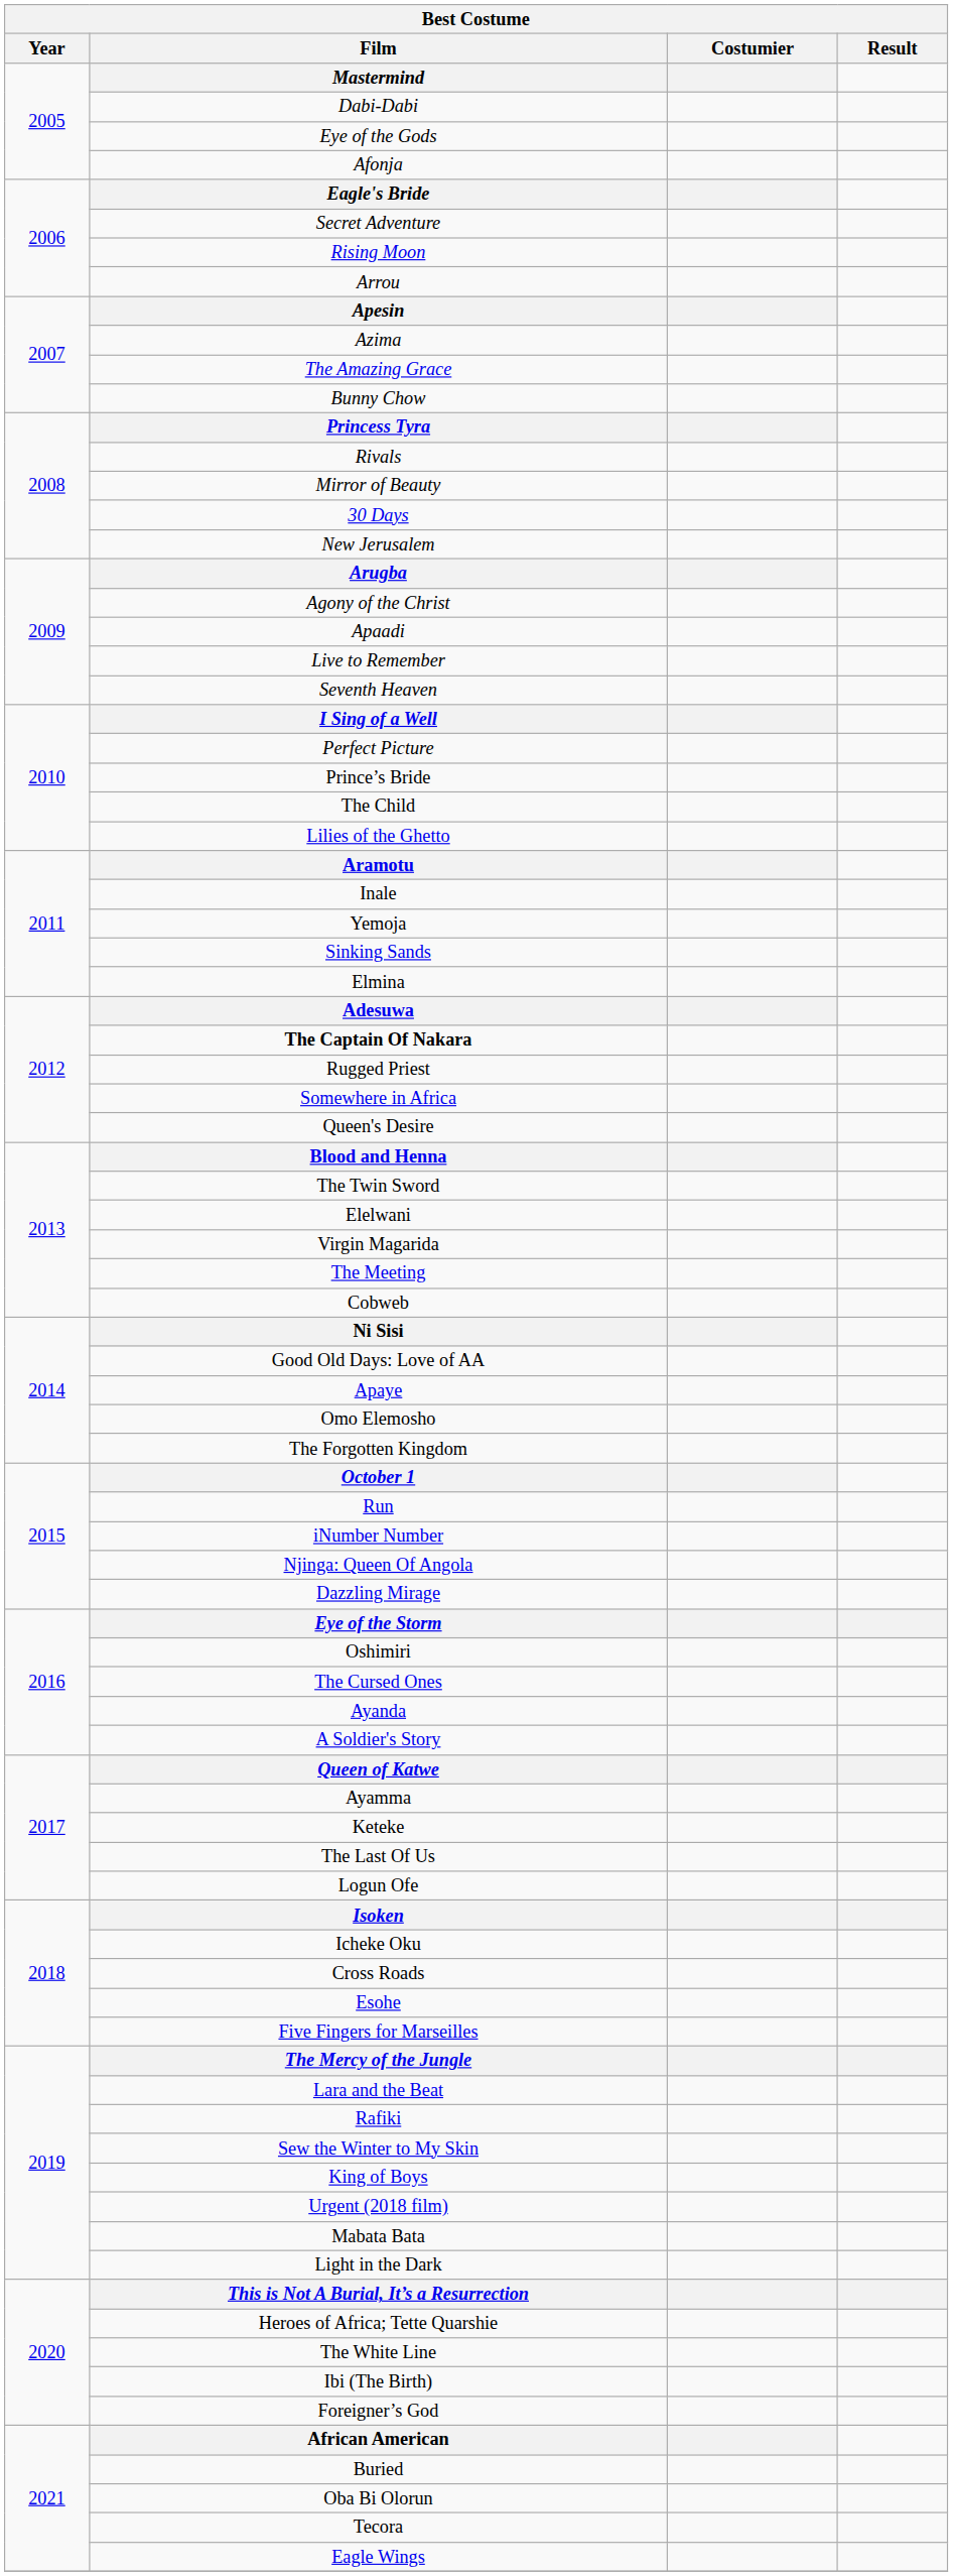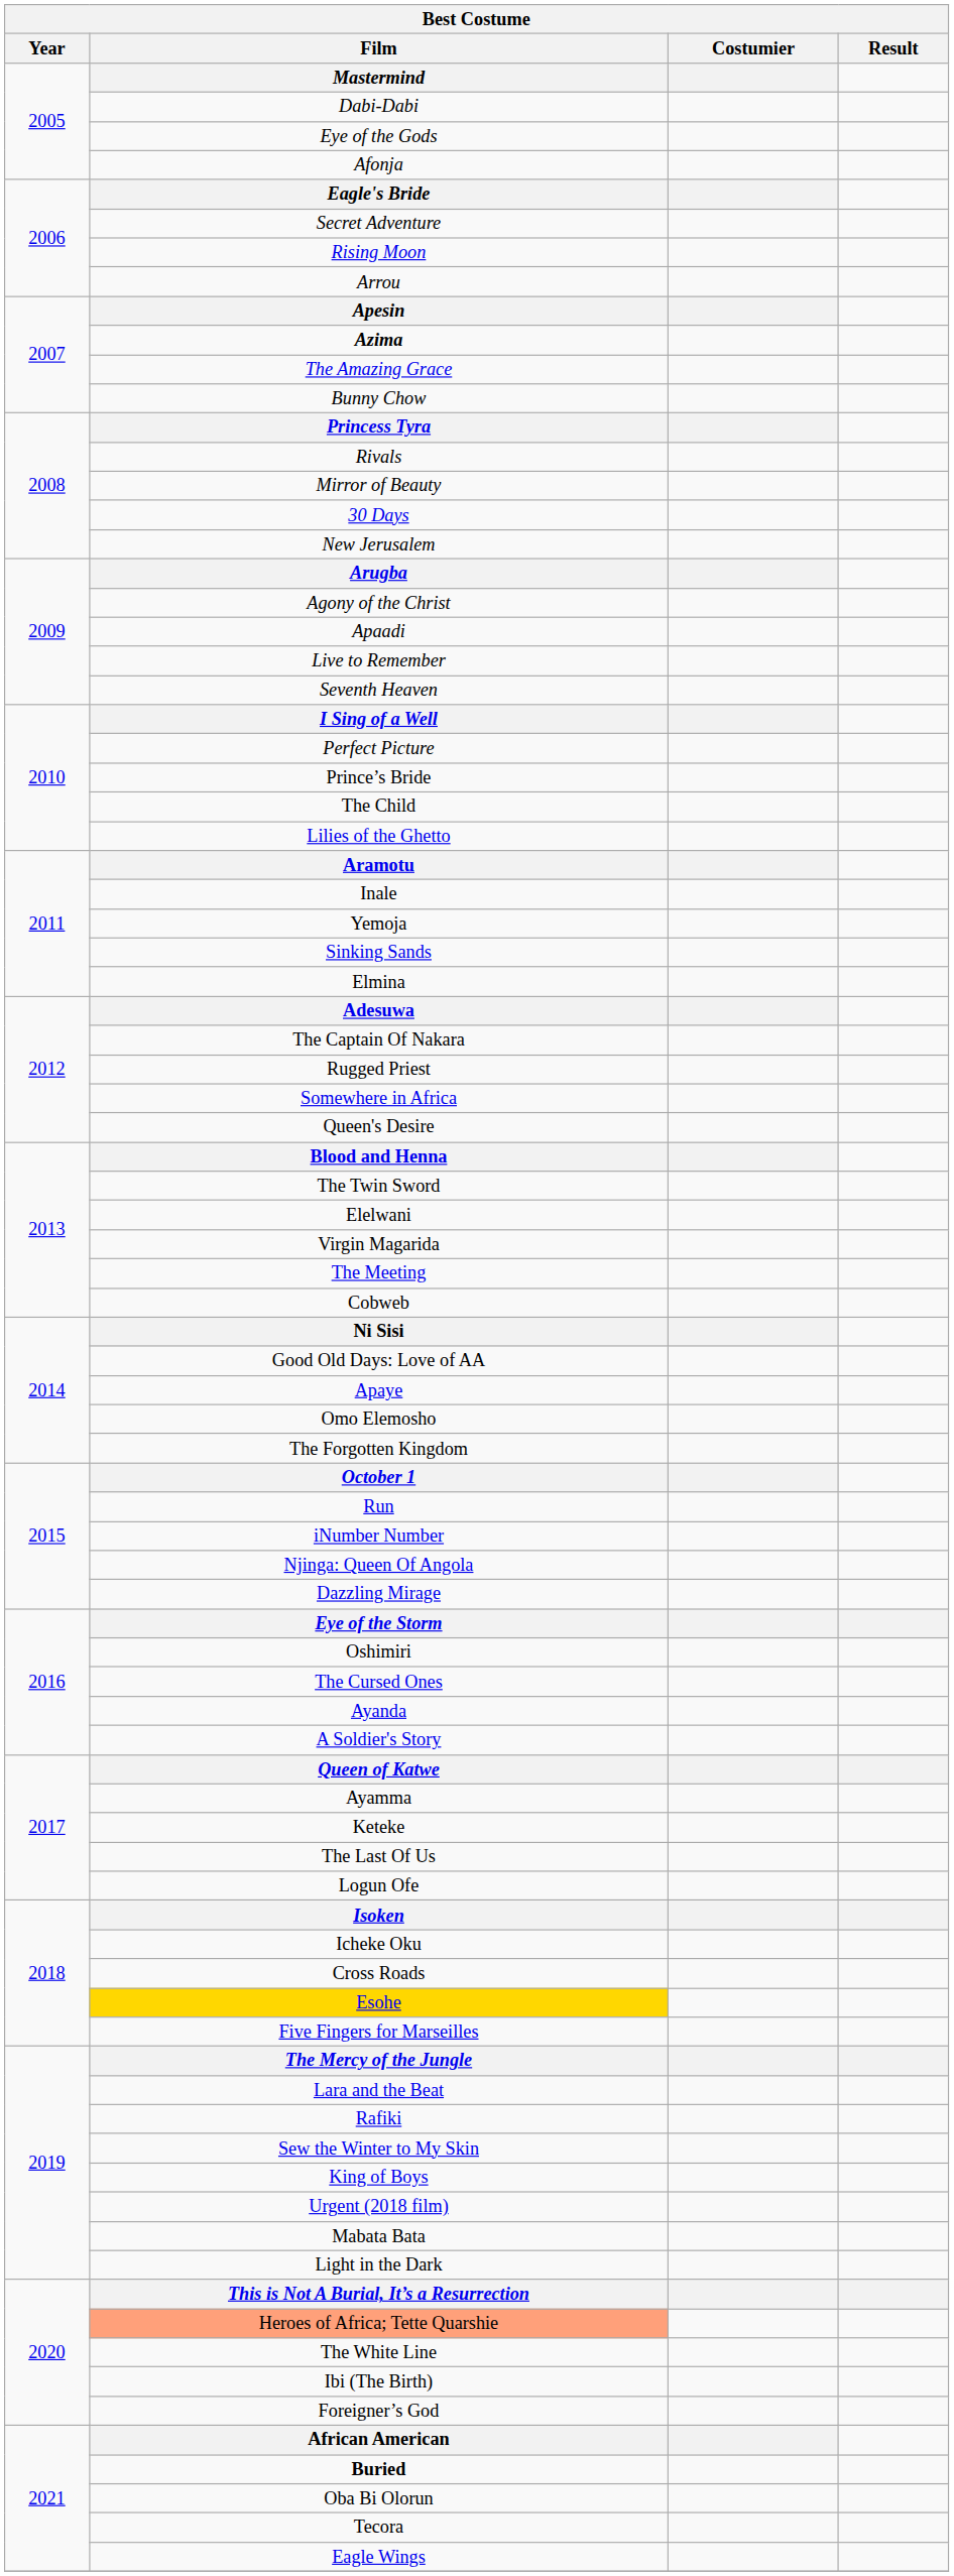 <table class=wikitable style="text-align:center" width="65%">
 <tr>
 <th colspan="4">Best Costume</th>
 </tr>
 <tr>
 <th>Year</th>
 <th>Film</th>
 <th>Costumier</th>
 <th>Result</th>
 </tr>
 <tr>
 <td rowspan="4"><a href='#'>2005</a></td>
 <th><em>Mastermind</em></th>
 <th></th>
 <td></td>
 </tr>
 <tr>
 <td><em>Dabi-Dabi</em></td>
 <td></td>
 <td></td>
 </tr>
 <tr>
 <td><em>Eye of the Gods</em></td>
 <td></td>
 <td></td>
 </tr>
 <tr>
 <td><em>Afonja</em></td>
 <td></td>
 <td></td>
 </tr>
 <tr>
 <td rowspan="4"><a href='#'>2006</a></td>
 <th><em>Eagle's Bride</em></th>
 <th></th>
 <td></td>
 </tr>
 <tr>
 <td><em>Secret Adventure</em></td>
 <td></td>
 <td></td>
 </tr>
 <tr>
 <td><em><a href='#'>Rising Moon</a></em></td>
 <td></td>
 <td></td>
 </tr>
 <tr>
 <td><em>Arrou</em></td>
 <td></td>
 <td></td>
 </tr>
 <tr>
 <td rowspan="4"><a href='#'>2007</a></td>
 <th><em>Apesin</em></th>
 <th></th>
 <td></td>
 </tr>
 <tr>
-<td><em>Azima</em></td>
+<td><strong><em>Azima</em></strong></td>
 <td></td>
 <td></td>
 </tr>
 <tr>
 <td><em><a href='#'>The Amazing Grace</a></em></td>
 <td></td>
 <td></td>
 </tr>
 <tr>
 <td><em>Bunny Chow</em></td>
 <td></td>
 <td></td>
 </tr>
 <tr>
 <td rowspan="5"><a href='#'>2008</a></td>
 <th><em><a href='#'>Princess Tyra</a></em></th>
 <th></th>
 <td></td>
 </tr>
 <tr>
 <td><em>Rivals</em></td>
 <td></td>
 <td></td>
 </tr>
 <tr>
 <td><em>Mirror of Beauty</em></td>
 <td></td>
 <td></td>
 </tr>
 <tr>
 <td><em><a href='#'>30 Days</a></em></td>
 <td></td>
 <td></td>
 </tr>
 <tr>
 <td><em>New Jerusalem</em></td>
 <td></td>
 <td></td>
 </tr>
 <tr>
 <td rowspan="5"><a href='#'>2009</a></td>
 <th><em><a href='#'>Arugba</a></em></th>
 <th></th>
 <td></td>
 </tr>
 <tr>
 <td><em>Agony of the Christ</em></td>
 <td></td>
 <td></td>
 </tr>
 <tr>
 <td><em>Apaadi</em></td>
 <td></td>
 <td></td>
 </tr>
 <tr>
 <td><em>Live to Remember</em></td>
 <td></td>
 <td></td>
 </tr>
 <tr>
 <td><em>Seventh Heaven</em></td>
 <td></td>
 <td></td>
 </tr>
 <tr>
 <td rowspan="5"><a href='#'>2010</a></td>
 <th><em><a href='#'>I Sing of a Well</a></em></th>
 <th></th>
 <td></td>
 </tr>
 <tr>
 <td><em>Perfect Picture<strong></td>
 <td></td>
 <td></td>
 </tr>
 <tr>
 <td></em>Prince’s Bride<em></td>
 <td></td>
 <td></td>
 </tr>
 <tr>
 <td></em>The Child<em></td>
 <td></td>
 <td></td>
 </tr>
 <tr>
 <td></em><a href='#'>Lilies of the Ghetto</a><em></td>
 <td></td>
 <td></td>
 </tr>
 <tr>
 <td rowspan="5"><a href='#'>2011</a></td>
 <th></em><a href='#'>Aramotu</a><em></th>
 <th></th>
 <td></td>
 </tr>
 <tr>
 <td></em>Inale<em></td>
 <td></td>
 <td></td>
 </tr>
 <tr>
 <td></em>Yemoja<em></td>
 <td></td>
 <td></td>
 </tr>
 <tr>
 <td></em><a href='#'>Sinking Sands</a><em></td>
 <td></td>
 <td></td>
 </tr>
 <tr>
 <td></em>Elmina<em></td>
 <td></td>
 <td></td>
 </tr>
 <tr>
 <td rowspan="5"><a href='#'>2012</a></td>
 <th></em><a href='#'>Adesuwa</a><em></th>
 <th></th>
 <td></td>
 </tr>
 <tr>
-<td><strong></em>The Captain Of Nakara<em></strong></td>
+<td></em>The Captain Of Nakara<em></td>
 <td></td>
 <td></td>
 </tr>
 <tr>
 <td></em>Rugged Priest<em></td>
 <td></td>
 <td></td>
 </tr>
 <tr>
 <td></em><a href='#'>Somewhere in Africa</a><em></td>
 <td></td>
 <td></td>
 </tr>
 <tr>
 <td></em>Queen's Desire<em></td>
 <td></td>
 <td></td>
 </tr>
 <tr>
 <td rowspan="6"><a href='#'>2013</a></td>
 <th></em><a href='#'>Blood and Henna</a><em></th>
 <th></th>
 <td></td>
 </tr>
 <tr>
 <td></em>The Twin Sword<em></td>
 <td></td>
 <td></td>
 </tr>
 <tr>
 <td></em>Elelwani<em></td>
 <td></td>
 <td></td>
 </tr>
 <tr>
 <td></em>Virgin Magarida<em></td>
 <td></td>
 <td></td>
 </tr>
 <tr>
 <td></em><a href='#'>The Meeting</a><em></td>
 <td></td>
 <td></td>
 </tr>
 <tr>
 <td></em>Cobweb<em></td>
 <td></td>
 <td></td>
 </tr>
 <tr>
 <td rowspan="5"><a href='#'>2014</a></td>
 <th></em>Ni Sisi<em></th>
 <th></th>
 <td></td>
 </tr>
 <tr>
 <td></em>Good Old Days: Love of AA<em></td>
 <td></td>
 <td></td>
 </tr>
 <tr>
 <td></em><a href='#'>Apaye</a><em></td>
 <td></td>
 <td></td>
 </tr>
 <tr>
 <td></em>Omo Elemosho<em></td>
 <td></td>
 <td></td>
 </tr>
 <tr>
 <td></em>The Forgotten Kingdom<em></td>
 <td></td>
 <td></td>
 </tr>
 <tr>
 <td rowspan="5"><a href='#'>2015</a></td>
 <th><strong><em><a href='#'>October 1</a></em></strong></th>
 <th></th>
 <td></td>
 </tr>
 <tr>
 <td></em><a href='#'>Run</a><em></td>
 <td></td>
 <td></td>
 </tr>
 <tr>
 <td></em><a href='#'>iNumber Number</a><em></td>
 <td></td>
 <td></td>
 </tr>
 <tr>
 <td></em><a href='#'>Njinga: Queen Of Angola</a><em></td>
 <td></td>
 <td></td>
 </tr>
 <tr>
 <td></em><a href='#'>Dazzling Mirage</a><em></td>
 <td></td>
 <td></td>
 </tr>
 <tr>
 <td rowspan="5"><a href='#'>2016</a></td>
 <th><strong><em><a href='#'>Eye of the Storm</a></em></strong></th>
 <th></th>
 <th></th>
 </tr>
 <tr>
 <td></em>Oshimiri<em></td>
 <td></td>
 <td></td>
 </tr>
 <tr>
 <td></em><a href='#'>The Cursed Ones</a><em></td>
 <td></td>
 <td></td>
 </tr>
 <tr>
 <td></em><a href='#'>Ayanda</a><em></td>
 <td></td>
 <td></td>
 </tr>
 <tr>
 <td></em><a href='#'>A Soldier's Story</a><em></td>
 <td></td>
 <td></td>
 </tr>
 <tr>
 <td rowspan="5"><a href='#'>2017</a></td>
 <th><strong><em><a href='#'>Queen of Katwe</a></em></strong></th>
 <th></th>
 <th></th>
 </tr>
 <tr>
 <td></em>Ayamma<em></td>
 <td></td>
 <td></td>
 </tr>
 <tr>
 <td></em>Keteke<em></td>
 <td></td>
 <td></td>
 </tr>
 <tr>
 <td></em>The Last Of Us<em></td>
 <td></td>
 <td></td>
 </tr>
 <tr>
 <td></em>Logun Ofe<em></td>
 <td></td>
 <td></td>
 </tr>
 <tr>
 <td rowspan="5"><a href='#'>2018</a></td>
 <th><strong><em><a href='#'>Isoken</a></em></strong></th>
 <th></th>
 <th></th>
 </tr>
 <tr>
 <td></em>Icheke Oku<em></td>
 <td></td>
 <td></td>
 </tr>
 <tr>
 <td></em>Cross Roads<em></td>
 <td></td>
 <td></td>
 </tr>
 <tr>
-<td></em><a href='#'>Esohe</a><em></td>
+<td style="background: gold;"></em><a href='#'>Esohe</a><em></td>
 <td></td>
 <td></td>
 </tr>
 <tr>
 <td></em><a href='#'>Five Fingers for Marseilles</a><em></td>
 <td></td>
 <td></td>
 </tr>
 <tr>
 <td rowspan="8"><a href='#'>2019</a></td>
 <th><strong><em><a href='#'>The Mercy of the Jungle</a></em></strong></th>
 <th></th>
 <th></th>
 </tr>
 <tr>
 <td></em><a href='#'>Lara and the Beat</a><em></td>
 <td></td>
 <td></td>
 </tr>
 <tr>
 <td></em><a href='#'>Rafiki</a><em></td>
 <td></td>
 <td></td>
 </tr>
 <tr>
 <td></em><a href='#'>Sew the Winter to My Skin</a><em></td>
 <td></td>
 <td></td>
 </tr>
 <tr>
 <td></em><a href='#'>King of Boys</a><em></td>
 <td></td>
 <td></td>
 </tr>
 <tr>
 <td></em><a href='#'>Urgent (2018 film)</a><em></td>
 <td></td>
 <td></td>
 </tr>
 <tr>
 <td></em>Mabata Bata<em></td>
 <td></td>
 <td></td>
 </tr>
 <tr>
 <td></em>Light in the Dark<em></td>
 <td></td>
 <td></td>
 </tr>
 <tr>
 <td rowspan="5"><a href='#'>2020</a></td>
 <th><strong><em><a href='#'>This is Not A Burial, It’s a Resurrection</a></em></strong></th>
 <th></th>
 <th></th>
 </tr>
 <tr>
-<td></em>Heroes of Africa; Tette Quarshie<em></td>
+<td style="background: lightsalmon;"></em>Heroes of Africa; Tette Quarshie<em></td>
 <td></td>
 <td></td>
 </tr>
 <tr>
 <td></em>The White Line<em></td>
 <td></td>
 <td></td>
 </tr>
 <tr>
 <td></em>Ibi (The Birth)<em></td>
 <td></td>
 <td></td>
 </tr>
 <tr>
 <td></em>Foreigner’s God<em></td>
 <td></td>
 <td></td>
 </tr>
 <tr>
 <td rowspan="5"><a href='#'>2021</a></td>
 <th></em>African American<em></th>
 <th></th>
 <td></td>
 </tr>
 <tr>
-<td></em>Buried<em></td>
+<td><strong></em>Buried<em></strong></td>
 <td></td>
 <td></td>
 </tr>
 <tr>
 <td></em>Oba Bi Olorun<em></td>
 <td></td>
 <td></td>
 </tr>
 <tr>
 <td></em>Tecora<em></td>
 <td></td>
 <td></td>
 </tr>
 <tr>
 <td></em><a href='#'>Eagle Wings</a><em></td>
 <td></td>
 <td></td>
 </tr>
 <tr>
 </tr>
 </table>
